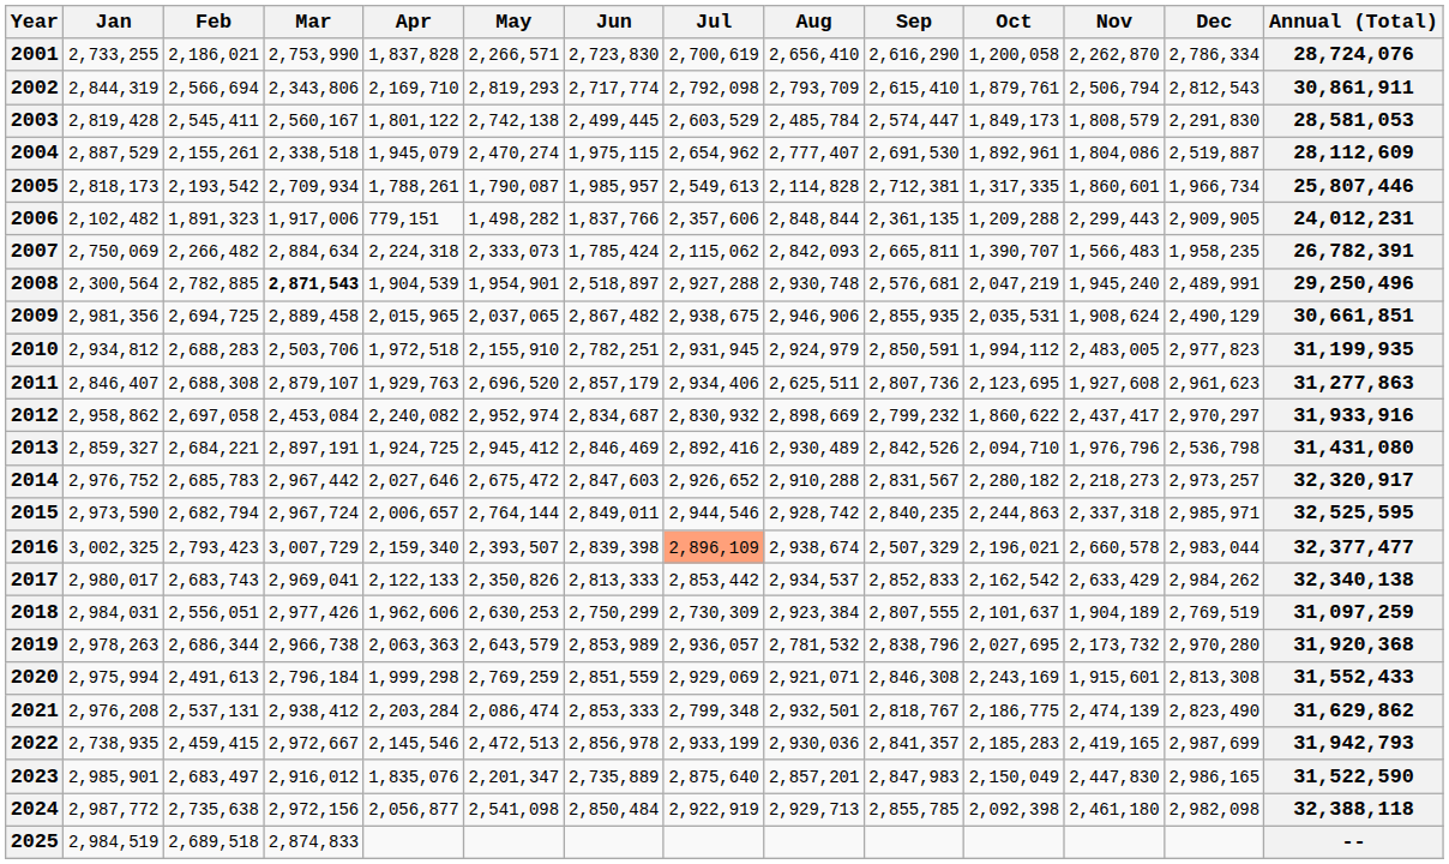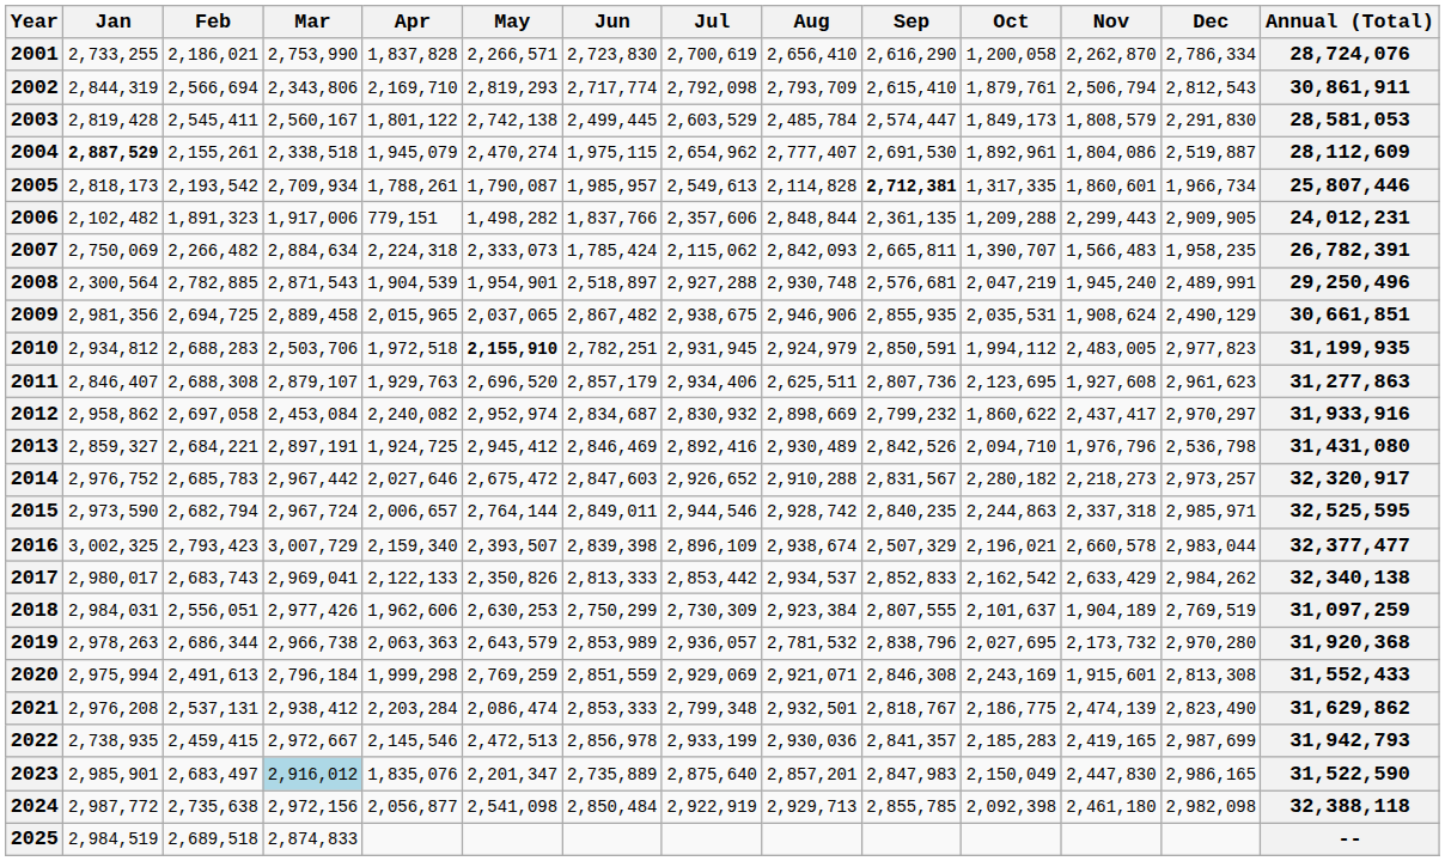 <table class="wikitable">
 <tr>
 <th>Year</th>
 <th>Jan</th>
 <th>Feb</th>
 <th>Mar</th>
 <th>Apr</th>
 <th>May</th>
 <th>Jun</th>
 <th>Jul</th>
 <th>Aug</th>
 <th>Sep</th>
 <th>Oct</th>
 <th>Nov</th>
 <th>Dec</th>
 <th>Annual (Total)</th>
 </tr>
 <tr>
 <th>2001</th>
 <td><small>2,733,255</small></td>
 <td><small>2,186,021</small></td>
 <td><small>2,753,990</small></td>
 <td><small>1,837,828</small></td>
 <td><small>2,266,571</small></td>
 <td><small>2,723,830</small></td>
 <td><small>2,700,619</small></td>
 <td><small>2,656,410</small></td>
 <td><small>2,616,290</small></td>
 <td><small>1,200,058</small></td>
 <td><small>2,262,870</small></td>
 <td><small>2,786,334</small></td>
 <th>28,724,076</th>
 </tr>
 <tr>
 <th>2002</th>
 <td><small>2,844,319</small></td>
 <td><small>2,566,694</small></td>
 <td><small>2,343,806</small></td>
 <td><small>2,169,710</small></td>
 <td><small>2,819,293</small></td>
 <td><small>2,717,774</small></td>
 <td><small>2,792,098</small></td>
 <td><small>2,793,709</small></td>
 <td><small>2,615,410</small></td>
 <td><small>1,879,761</small></td>
 <td><small>2,506,794</small></td>
 <td><small>2,812,543</small></td>
 <th>30,861,911</th>
 </tr>
 <tr>
 <th>2003</th>
 <td><small>2,819,428</small></td>
 <td><small>2,545,411</small></td>
 <td><small>2,560,167</small></td>
 <td><small>1,801,122</small></td>
 <td><small>2,742,138</small></td>
 <td><small>2,499,445</small></td>
 <td><small>2,603,529</small></td>
 <td><small>2,485,784</small></td>
 <td><small>2,574,447</small></td>
 <td><small>1,849,173</small></td>
 <td><small>1,808,579</small></td>
 <td><small>2,291,830</small></td>
 <th>28,581,053</th>
 </tr>
 <tr>
 <th>2004</th>
-<td><small>2,887,529</small></td>
+<td><strong><small>2,887,529</small></strong></td>
 <td><small>2,155,261</small></td>
 <td><small>2,338,518</small></td>
 <td><small>1,945,079</small></td>
 <td><small>2,470,274</small></td>
 <td><small>1,975,115</small></td>
 <td><small>2,654,962</small></td>
 <td><small>2,777,407</small></td>
 <td><small>2,691,530</small></td>
 <td><small>1,892,961</small></td>
 <td><small>1,804,086</small></td>
 <td><small>2,519,887</small></td>
 <th>28,112,609</th>
 </tr>
 <tr>
 <th>2005</th>
 <td><small>2,818,173</small></td>
 <td><small>2,193,542</small></td>
 <td><small>2,709,934</small></td>
 <td><small>1,788,261</small></td>
 <td><small>1,790,087</small></td>
 <td><small>1,985,957</small></td>
 <td><small>2,549,613</small></td>
 <td><small>2,114,828</small></td>
-<td><small>2,712,381</small></td>
+<td><strong><small>2,712,381</small></strong></td>
 <td><small>1,317,335</small></td>
 <td><small>1,860,601</small></td>
 <td><small>1,966,734</small></td>
 <th>25,807,446</th>
 </tr>
 <tr>
 <th>2006</th>
 <td><small>2,102,482</small></td>
 <td><small>1,891,323</small></td>
 <td><small>1,917,006</small></td>
 <td><small>779,151</small></td>
 <td><small>1,498,282</small></td>
 <td><small>1,837,766</small></td>
 <td><small>2,357,606</small></td>
 <td><small>2,848,844</small></td>
 <td><small>2,361,135</small></td>
 <td><small>1,209,288</small></td>
 <td><small>2,299,443</small></td>
 <td><small>2,909,905</small></td>
 <th>24,012,231</th>
 </tr>
 <tr>
 <th>2007</th>
 <td><small>2,750,069</small></td>
 <td><small>2,266,482</small></td>
 <td><small>2,884,634</small></td>
 <td><small>2,224,318</small></td>
 <td><small>2,333,073</small></td>
 <td><small>1,785,424</small></td>
 <td><small>2,115,062</small></td>
 <td><small>2,842,093</small></td>
 <td><small>2,665,811</small></td>
 <td><small>1,390,707</small></td>
 <td><small>1,566,483</small></td>
 <td><small>1,958,235</small></td>
 <th>26,782,391</th>
 </tr>
 <tr>
 <th>2008</th>
 <td><small>2,300,564</small></td>
 <td><small>2,782,885</small></td>
-<td><strong><small>2,871,543</small></strong></td>
+<td><small>2,871,543</small></td>
 <td><small>1,904,539</small></td>
 <td><small>1,954,901</small></td>
 <td><small>2,518,897</small></td>
 <td><small>2,927,288</small></td>
 <td><small>2,930,748</small></td>
 <td><small>2,576,681</small></td>
 <td><small>2,047,219</small></td>
 <td><small>1,945,240</small></td>
 <td><small>2,489,991</small></td>
 <th>29,250,496</th>
 </tr>
 <tr>
 <th>2009</th>
 <td><small>2,981,356</small></td>
 <td><small>2,694,725</small></td>
 <td><small>2,889,458</small></td>
 <td><small>2,015,965</small></td>
 <td><small>2,037,065</small></td>
 <td><small>2,867,482</small></td>
 <td><small>2,938,675</small></td>
 <td><small>2,946,906</small></td>
 <td><small>2,855,935</small></td>
 <td><small>2,035,531</small></td>
 <td><small>1,908,624</small></td>
 <td><small>2,490,129</small></td>
 <th>30,661,851</th>
 </tr>
 <tr>
 <th>2010</th>
 <td><small>2,934,812</small></td>
 <td><small>2,688,283</small></td>
 <td><small>2,503,706</small></td>
 <td><small>1,972,518</small></td>
-<td><small>2,155,910</small></td>
+<td><strong><small>2,155,910</small></strong></td>
 <td><small>2,782,251</small></td>
 <td><small>2,931,945</small></td>
 <td><small>2,924,979</small></td>
 <td><small>2,850,591</small></td>
 <td><small>1,994,112</small></td>
 <td><small>2,483,005</small></td>
 <td><small>2,977,823</small></td>
 <th>31,199,935</th>
 </tr>
 <tr>
 <th>2011</th>
 <td><small>2,846,407</small></td>
 <td><small>2,688,308</small></td>
 <td><small>2,879,107</small></td>
 <td><small>1,929,763</small></td>
 <td><small>2,696,520</small></td>
 <td><small>2,857,179</small></td>
 <td><small>2,934,406</small></td>
 <td><small>2,625,511</small></td>
 <td><small>2,807,736</small></td>
 <td><small>2,123,695</small></td>
 <td><small>1,927,608</small></td>
 <td><small>2,961,623</small></td>
 <th>31,277,863</th>
 </tr>
 <tr>
 <th>2012</th>
 <td><small>2,958,862</small></td>
 <td><small>2,697,058</small></td>
 <td><small>2,453,084</small></td>
 <td><small>2,240,082</small></td>
 <td><small>2,952,974</small></td>
 <td><small>2,834,687</small></td>
 <td><small>2,830,932</small></td>
 <td><small>2,898,669</small></td>
 <td><small>2,799,232</small></td>
 <td><small>1,860,622</small></td>
 <td><small>2,437,417</small></td>
 <td><small>2,970,297</small></td>
 <th>31,933,916</th>
 </tr>
 <tr>
 <th>2013</th>
 <td><small>2,859,327</small></td>
 <td><small>2,684,221</small></td>
 <td><small>2,897,191</small></td>
 <td><small>1,924,725</small></td>
 <td><small>2,945,412</small></td>
 <td><small>2,846,469</small></td>
 <td><small>2,892,416</small></td>
 <td><small>2,930,489</small></td>
 <td><small>2,842,526</small></td>
 <td><small>2,094,710</small></td>
 <td><small>1,976,796</small></td>
 <td><small>2,536,798</small></td>
 <th>31,431,080</th>
 </tr>
 <tr>
 <th>2014</th>
 <td><small>2,976,752</small></td>
 <td><small>2,685,783</small></td>
 <td><small>2,967,442</small></td>
 <td><small>2,027,646</small></td>
 <td><small>2,675,472</small></td>
 <td><small>2,847,603</small></td>
 <td><small>2,926,652</small></td>
 <td><small>2,910,288</small></td>
 <td><small>2,831,567</small></td>
 <td><small>2,280,182</small></td>
 <td><small>2,218,273</small></td>
 <td><small>2,973,257</small></td>
 <th>32,320,917</th>
 </tr>
 <tr>
 <th>2015</th>
 <td><small>2,973,590</small></td>
 <td><small>2,682,794</small></td>
 <td><small>2,967,724</small></td>
 <td><small>2,006,657</small></td>
 <td><small>2,764,144</small></td>
 <td><small>2,849,011</small></td>
 <td><small>2,944,546</small></td>
 <td><small>2,928,742</small></td>
 <td><small>2,840,235</small></td>
 <td><small>2,244,863</small></td>
 <td><small>2,337,318</small></td>
 <td><small>2,985,971</small></td>
 <th>32,525,595</th>
 </tr>
 <tr>
 <th>2016</th>
 <td><small>3,002,325</small></td>
 <td><small>2,793,423</small></td>
 <td><small>3,007,729</small></td>
 <td><small>2,159,340</small></td>
 <td><small>2,393,507</small></td>
 <td><small>2,839,398</small></td>
-<td style="background: lightsalmon;"><small>2,896,109</small></td>
+<td><small>2,896,109</small></td>
 <td><small>2,938,674</small></td>
 <td><small>2,507,329</small></td>
 <td><small>2,196,021</small></td>
 <td><small>2,660,578</small></td>
 <td><small>2,983,044</small></td>
 <th>32,377,477</th>
 </tr>
 <tr>
 <th>2017</th>
 <td><small>2,980,017</small></td>
 <td><small>2,683,743</small></td>
 <td><small>2,969,041</small></td>
 <td><small>2,122,133</small></td>
 <td><small>2,350,826</small></td>
 <td><small>2,813,333</small></td>
 <td><small>2,853,442</small></td>
 <td><small>2,934,537</small></td>
 <td><small>2,852,833</small></td>
 <td><small>2,162,542</small></td>
 <td><small>2,633,429</small></td>
 <td><small>2,984,262</small></td>
 <th>32,340,138</th>
 </tr>
 <tr>
 <th>2018</th>
 <td><small>2,984,031</small></td>
 <td><small>2,556,051</small></td>
 <td><small>2,977,426</small></td>
 <td><small>1,962,606</small></td>
 <td><small>2,630,253</small></td>
 <td><small>2,750,299</small></td>
 <td><small>2,730,309</small></td>
 <td><small>2,923,384</small></td>
 <td><small>2,807,555</small></td>
 <td><small>2,101,637</small></td>
 <td><small>1,904,189</small></td>
 <td><small>2,769,519</small></td>
 <th>31,097,259</th>
 </tr>
 <tr>
 <th>2019</th>
 <td><small>2,978,263</small></td>
 <td><small>2,686,344</small></td>
 <td><small>2,966,738</small></td>
 <td><small>2,063,363</small></td>
 <td><small>2,643,579</small></td>
 <td><small>2,853,989</small></td>
 <td><small>2,936,057</small></td>
 <td><small>2,781,532</small></td>
 <td><small>2,838,796</small></td>
 <td><small>2,027,695</small></td>
 <td><small>2,173,732</small></td>
 <td><small>2,970,280</small></td>
 <th>31,920,368</th>
 </tr>
 <tr>
 <th>2020</th>
 <td><small>2,975,994</small></td>
 <td><small>2,491,613</small></td>
 <td><small>2,796,184</small></td>
 <td><small>1,999,298</small></td>
 <td><small>2,769,259</small></td>
 <td><small>2,851,559</small></td>
 <td><small>2,929,069</small></td>
 <td><small>2,921,071</small></td>
 <td><small>2,846,308</small></td>
 <td><small>2,243,169</small></td>
 <td><small>1,915,601</small></td>
 <td><small>2,813,308</small></td>
 <th>31,552,433</th>
 </tr>
 <tr>
 <th>2021</th>
 <td><small>2,976,208</small></td>
 <td><small>2,537,131</small></td>
 <td><small>2,938,412</small></td>
 <td><small>2,203,284</small></td>
 <td><small>2,086,474</small></td>
 <td><small>2,853,333</small></td>
 <td><small>2,799,348</small></td>
 <td><small>2,932,501</small></td>
 <td><small>2,818,767</small></td>
 <td><small>2,186,775</small></td>
 <td><small>2,474,139</small></td>
 <td><small>2,823,490</small></td>
 <th>31,629,862</th>
 </tr>
 <tr>
 <th>2022</th>
 <td><small>2,738,935</small></td>
 <td><small>2,459,415</small></td>
 <td><small>2,972,667</small></td>
 <td><small>2,145,546</small></td>
 <td><small>2,472,513</small></td>
 <td><small>2,856,978</small></td>
 <td><small>2,933,199</small></td>
 <td><small>2,930,036</small></td>
 <td><small>2,841,357</small></td>
 <td><small>2,185,283</small></td>
 <td><small>2,419,165</small></td>
 <td><small>2,987,699</small></td>
 <th>31,942,793</th>
 </tr>
 <tr>
 <th>2023</th>
 <td><small>2,985,901</small></td>
 <td><small>2,683,497</small></td>
-<td><small>2,916,012</small></td>
+<td style="background: lightblue;"><small>2,916,012</small></td>
 <td><small>1,835,076</small></td>
 <td><small>2,201,347</small></td>
 <td><small>2,735,889</small></td>
 <td><small>2,875,640</small></td>
 <td><small>2,857,201</small></td>
 <td><small>2,847,983</small></td>
 <td><small>2,150,049</small></td>
 <td><small>2,447,830</small></td>
 <td><small>2,986,165</small></td>
 <th>31,522,590</th>
 </tr>
 <tr>
 <th>2024</th>
 <td><small>2,987,772</small></td>
 <td><small>2,735,638</small></td>
 <td><small>2,972,156</small></td>
 <td><small>2,056,877</small></td>
 <td><small>2,541,098</small></td>
 <td><small>2,850,484</small></td>
 <td><small>2,922,919</small></td>
 <td><small>2,929,713</small></td>
 <td><small>2,855,785</small></td>
 <td><small>2,092,398</small></td>
 <td><small>2,461,180</small></td>
 <td><small>2,982,098</small></td>
 <th>32,388,118</th>
 </tr>
 <tr>
 <th>2025</th>
 <td><small>2,984,519</small></td>
 <td><small>2,689,518</small></td>
 <td><small>2,874,833</small></td>
 <td><small></small></td>
 <td><small></small></td>
 <td><small></small></td>
 <td><small></small></td>
 <td><small></small></td>
 <td><small></small></td>
 <td><small></small></td>
 <td><small></small></td>
 <td><small></small></td>
 <th>--</th>
 </tr>
 <tr>
 </tr>
 </table>
